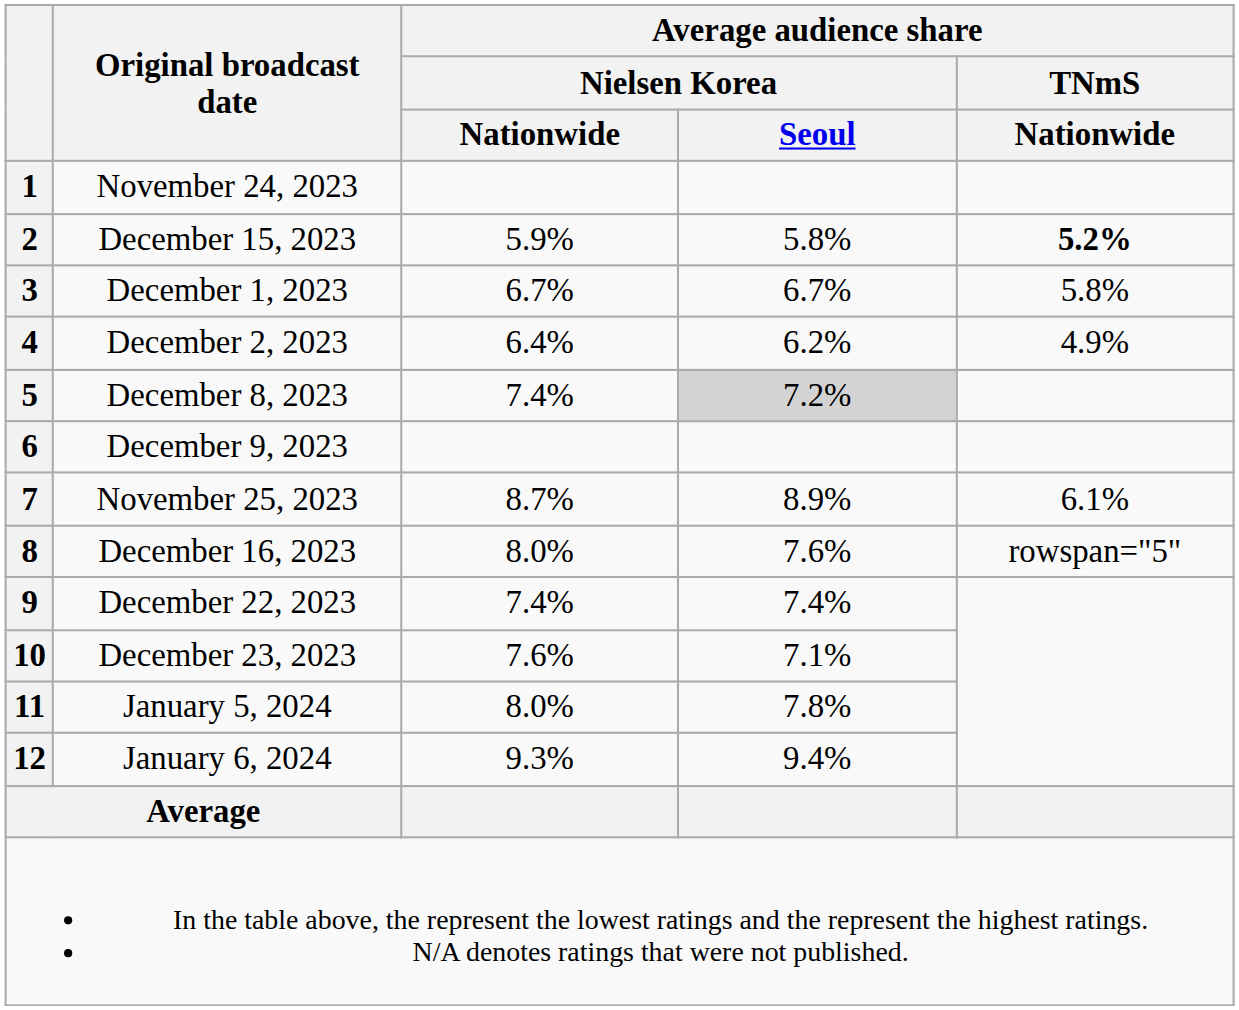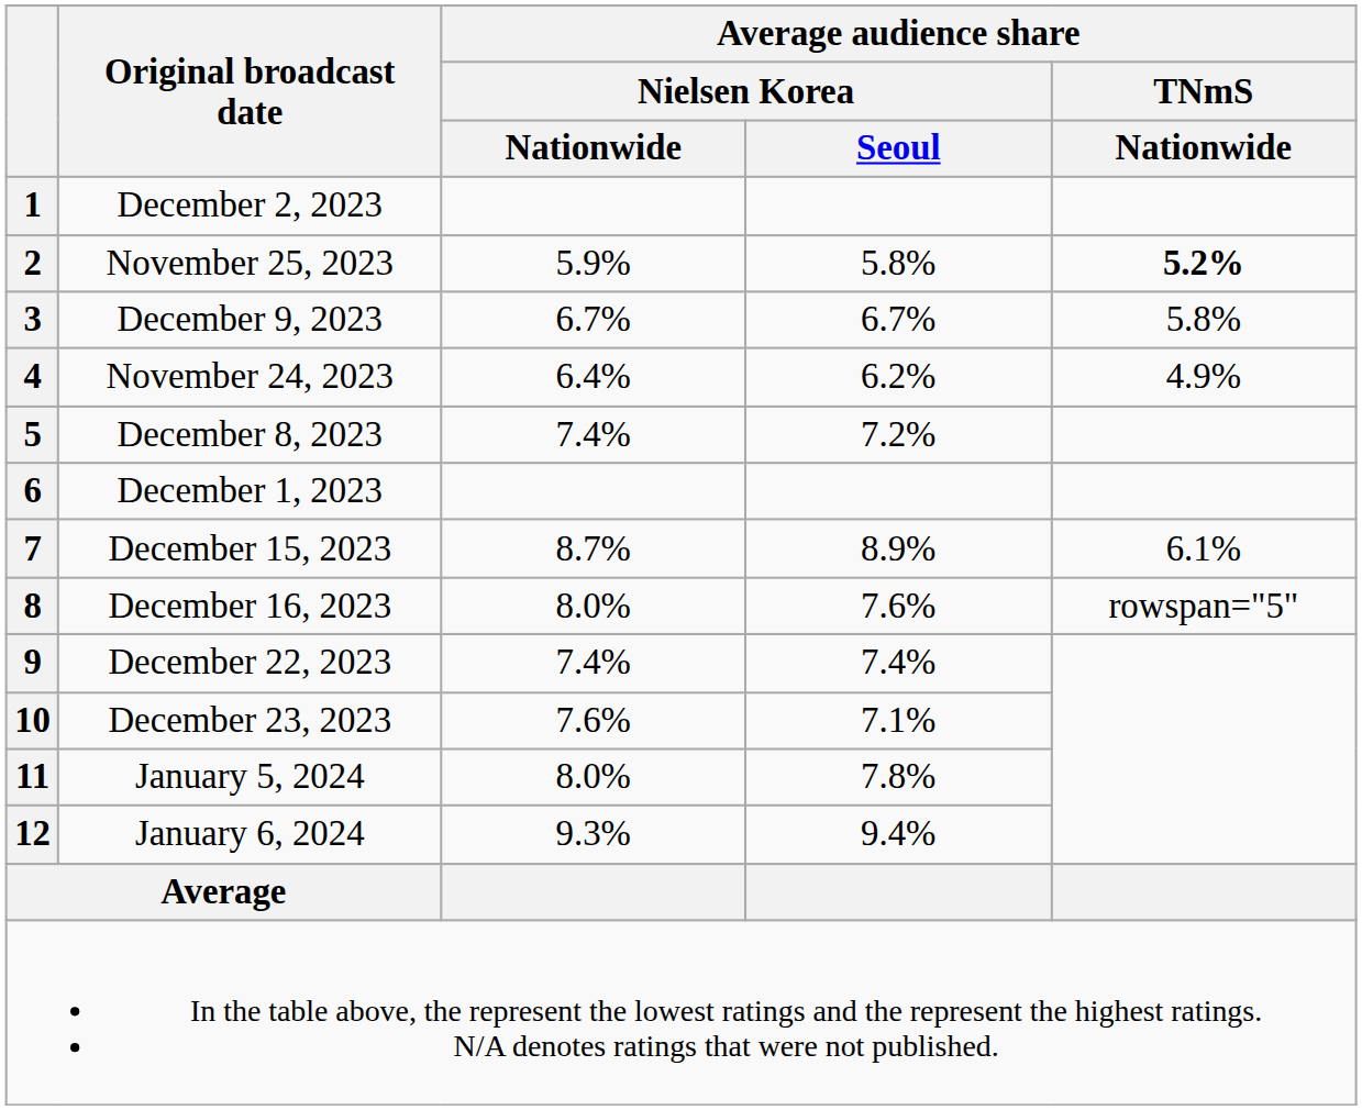 <table class="wikitable" style="margin-left:auto; margin-right:auto; width:600px; text-align:center">
 <tr>
 <th scope="col" rowspan="3"></th>
 <th scope="col" rowspan="3">Original broadcast date</th>
 <th scope="col" colspan="3">Average audience share</th>
 </tr>
 <tr>
 <th scope="col" colspan="2">Nielsen Korea</th>
 <th scope="col">TNmS</th>
 </tr>
 <tr>
 <th scope="col" style="width:8em">Nationwide</th>
 <th scope="col" style="width:8em"><a href='#'>Seoul</a></th>
 <th scope="col" style="width:8em">Nationwide</th>
 </tr>
 <tr>
 <th scope="col">1</th>
-<td>November 24, 2023</td>
+<td>December 2, 2023</td>
 <td><strong></strong> </td>
 <td><strong></strong> </td>
 <td><strong></strong> </td>
 </tr>
 <tr>
 <th scope="col">2</th>
-<td>December 15, 2023</td>
+<td>November 25, 2023</td>
 <td>5.9% </td>
 <td>5.8% </td>
 <td><strong>5.2% </strong></td>
 </tr>
 <tr>
 <th scope="col">3</th>
-<td>December 1, 2023</td>
+<td>December 9, 2023</td>
 <td>6.7% </td>
 <td>6.7% </td>
 <td>5.8% </td>
 </tr>
 <tr>
 <th scope="col">4</th>
-<td>December 2, 2023</td>
+<td>November 24, 2023</td>
 <td>6.4% </td>
 <td>6.2% </td>
 <td>4.9% </td>
 </tr>
 <tr>
 <th scope="col">5</th>
 <td>December 8, 2023</td>
 <td>7.4% </td>
-<td style="background: lightgrey;">7.2% </td>
+<td>7.2% </td>
 <td><strong></strong> </td>
 </tr>
 <tr>
 <th scope="col">6</th>
-<td>December 9, 2023</td>
+<td>December 1, 2023</td>
 <td><strong></strong> </td>
 <td><strong></strong> </td>
 <td></td>
 </tr>
 <tr>
 <th scope="col">7</th>
-<td>November 25, 2023</td>
+<td>December 15, 2023</td>
 <td>8.7% </td>
 <td>8.9% </td>
 <td>6.1% </td>
 </tr>
 <tr>
 <th scope="col">8</th>
 <td>December 16, 2023</td>
 <td>8.0% </td>
 <td>7.6% </td>
 <td>rowspan="5" </td>
 </tr>
 <tr>
 <th scope="col">9</th>
 <td>December 22, 2023</td>
 <td>7.4% </td>
 <td>7.4%</td>
 </tr>
 <tr>
 <th scope="col">10</th>
 <td>December 23, 2023</td>
 <td>7.6% </td>
 <td>7.1%</td>
 </tr>
 <tr>
 <th scope="col">11</th>
 <td>January 5, 2024</td>
 <td>8.0% </td>
 <td>7.8% </td>
 </tr>
 <tr>
 <th scope="col">12</th>
 <td>January 6, 2024</td>
 <td>9.3% </td>
 <td>9.4% </td>
 </tr>
 <tr>
 <th scope="col" colspan="2">Average</th>
 <th scope="col"></th>
 <th scope="col"></th>
 <th scope="col"></th>
 </tr>
 <tr>
 <td colspan="5" style="font-size:85%"><br><ul><li>In the table above, the <strong></strong> represent the lowest ratings and the <strong></strong> represent the highest ratings.</li><li>N/A denotes ratings that were not published.</li></ul></td>
 </tr>
 </table>
